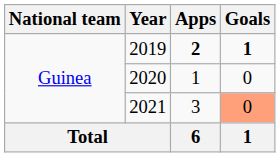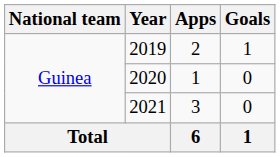 <table class="wikitable" style="text-align: center;">
 <tr>
 <th>National team</th>
 <th>Year</th>
 <th>Apps</th>
 <th>Goals</th>
 </tr>
 <tr>
 <td rowspan="3"><a href='#'>Guinea</a></td>
 <td>2019</td>
-<td><strong>2</strong></td>
-<td><strong>1</strong></td>
+<td>2</td>
+<td>1</td>
 </tr>
 <tr>
 <td>2020</td>
 <td>1</td>
 <td>0</td>
 </tr>
 <tr>
 <td>2021</td>
 <td>3</td>
-<td style="background: lightsalmon;">0</td>
+<td>0</td>
 </tr>
 <tr>
 <th colspan="2">Total</th>
 <th>6</th>
 <th>1</th>
 </tr>
 </table>
